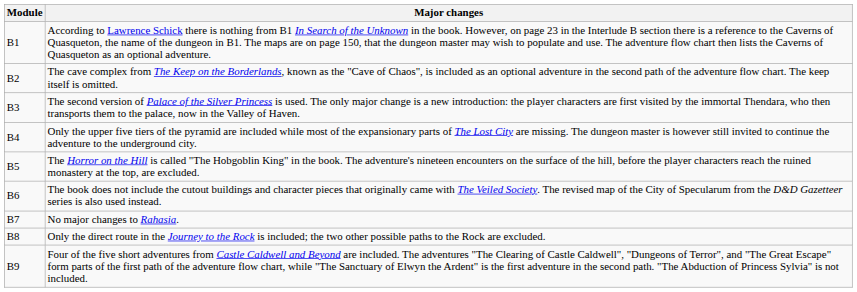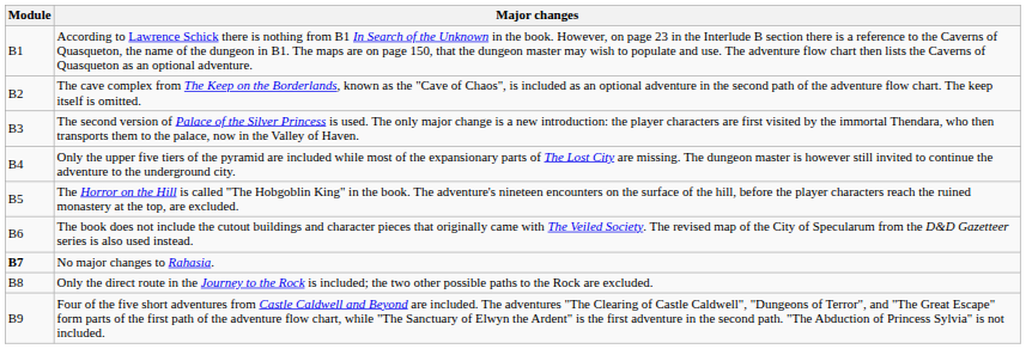 <table class="wikitable">
 <tr>
 <th>Module</th>
 <th>Major changes</th>
 </tr>
 <tr>
 <td>B1</td>
 <td>According to <a href='#'>Lawrence Schick</a> there is nothing from B1 <em><a href='#'>In Search of the Unknown</a></em> in the book. However, on page 23 in the Interlude B section there is a reference to the Caverns of Quasqueton, the name of the dungeon in B1. The maps are on page 150, that the dungeon master may wish to populate and use. The adventure flow chart then lists the Caverns of Quasqueton as an optional adventure.</td>
 </tr>
 <tr>
 <td>B2</td>
 <td>The cave complex from <em><a href='#'>The Keep on the Borderlands</a></em>, known as the "Cave of Chaos", is included as an optional adventure in the second path of the adventure flow chart. The keep itself is omitted.</td>
 </tr>
 <tr>
 <td>B3</td>
 <td>The second version of <em><a href='#'>Palace of the Silver Princess</a></em> is used. The only major change is a new introduction: the player characters are first visited by the immortal Thendara, who then transports them to the palace, now in the Valley of Haven.</td>
 </tr>
 <tr>
 <td>B4</td>
 <td>Only the upper five tiers of the pyramid are included while most of the expansionary parts of <em><a href='#'>The Lost City</a></em> are missing. The dungeon master is however still invited to continue the adventure to the underground city.</td>
 </tr>
 <tr>
 <td>B5</td>
 <td>The <em><a href='#'>Horror on the Hill</a></em> is called "The Hobgoblin King" in the book. The adventure's nineteen encounters on the surface of the hill, before the player characters reach the ruined monastery at the top, are excluded.</td>
 </tr>
 <tr>
 <td>B6</td>
 <td>The book does not include the cutout buildings and character pieces that originally came with <em><a href='#'>The Veiled Society</a></em>. The revised map of the City of Specularum from the <em>D&D Gazetteer</em> series is also used instead.</td>
 </tr>
 <tr>
-<td>B7</td>
+<td><strong>B7</strong></td>
 <td>No major changes to <em><a href='#'>Rahasia</a></em>.</td>
 </tr>
 <tr>
 <td>B8</td>
 <td>Only the direct route in the <em><a href='#'>Journey to the Rock</a></em> is included; the two other possible paths to the Rock are excluded.</td>
 </tr>
 <tr>
 <td>B9</td>
 <td>Four of the five short adventures from <em><a href='#'>Castle Caldwell and Beyond</a></em> are included. The adventures "The Clearing of Castle Caldwell", "Dungeons of Terror", and "The Great Escape" form parts of the first path of the adventure flow chart, while "The Sanctuary of Elwyn the Ardent" is the first adventure in the second path. "The Abduction of Princess Sylvia" is not included.</td>
 </tr>
 </table>
